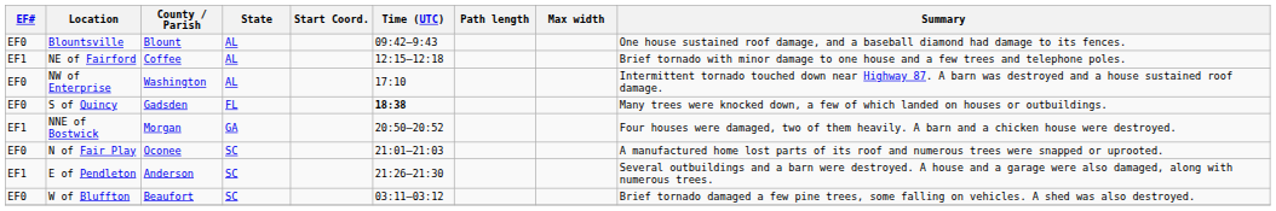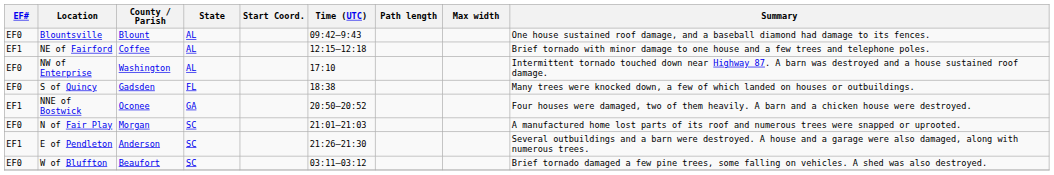 <table class="wikitable sortable" style="width:100%;">
 <tr>
 <th scope="col" width="3%" align="center"><a href='#'>EF#</a></th>
 <th scope="col" width="7%" align="center" class="unsortable">Location</th>
 <th scope="col" width="6%" align="center" class="unsortable">County / Parish</th>
 <th scope="col" width="5%" align="center">State</th>
 <th scope="col" width="6%" align="center">Start Coord.</th>
 <th scope="col" width="6%" align="center">Time (<a href='#'>UTC</a>)</th>
 <th scope="col" width="6%" align="center">Path length</th>
 <th scope="col" width="6%" align="center">Max width</th>
 <th scope="col" width="48%" class="unsortable" align="center">Summary</th>
 </tr>
 <tr>
 <td>EF0</td>
 <td><a href='#'>Blountsville</a></td>
 <td><a href='#'>Blount</a></td>
 <td><a href='#'>AL</a></td>
 <td></td>
 <td>09:42–9:43</td>
 <td></td>
 <td></td>
 <td>One house sustained roof damage, and a baseball diamond had damage to its fences.</td>
 </tr>
 <tr>
 <td>EF1</td>
 <td>NE of <a href='#'>Fairford</a></td>
 <td><a href='#'>Coffee</a></td>
 <td><a href='#'>AL</a></td>
 <td></td>
 <td>12:15–12:18</td>
 <td></td>
 <td></td>
 <td>Brief tornado with minor damage to one house and a few trees and telephone poles.</td>
 </tr>
 <tr>
 <td>EF0</td>
 <td>NW of <a href='#'>Enterprise</a></td>
 <td><a href='#'>Washington</a></td>
 <td><a href='#'>AL</a></td>
 <td></td>
 <td>17:10</td>
 <td></td>
 <td></td>
 <td>Intermittent tornado touched down near <a href='#'>Highway 87</a>. A barn was destroyed and a house sustained roof damage.</td>
 </tr>
 <tr>
 <td>EF0</td>
 <td>S of <a href='#'>Quincy</a></td>
 <td><a href='#'>Gadsden</a></td>
 <td><a href='#'>FL</a></td>
 <td></td>
-<td><strong>18:38</strong></td>
+<td>18:38</td>
 <td></td>
 <td></td>
 <td>Many trees were knocked down, a few of which landed on houses or outbuildings.</td>
 </tr>
 <tr>
 <td>EF1</td>
 <td>NNE of <a href='#'>Bostwick</a></td>
-<td><a href='#'>Morgan</a></td>
+<td><a href='#'>Oconee</a></td>
 <td><a href='#'>GA</a></td>
 <td></td>
 <td>20:50–20:52</td>
 <td></td>
 <td></td>
 <td>Four houses were damaged, two of them heavily. A barn and a chicken house were destroyed.</td>
 </tr>
 <tr>
 <td>EF0</td>
 <td>N of <a href='#'>Fair Play</a></td>
-<td><a href='#'>Oconee</a></td>
+<td><a href='#'>Morgan</a></td>
 <td><a href='#'>SC</a></td>
 <td></td>
 <td>21:01–21:03</td>
 <td></td>
 <td></td>
 <td>A manufactured home lost parts of its roof and numerous trees were snapped or uprooted.</td>
 </tr>
 <tr>
 <td>EF1</td>
 <td>E of <a href='#'>Pendleton</a></td>
 <td><a href='#'>Anderson</a></td>
 <td><a href='#'>SC</a></td>
 <td></td>
 <td>21:26–21:30</td>
 <td></td>
 <td></td>
 <td>Several outbuildings and a barn were destroyed. A house and a garage were also damaged, along with numerous trees.</td>
 </tr>
 <tr>
 <td>EF0</td>
 <td>W of <a href='#'>Bluffton</a></td>
 <td><a href='#'>Beaufort</a></td>
 <td><a href='#'>SC</a></td>
 <td></td>
 <td>03:11–03:12</td>
 <td></td>
 <td></td>
 <td>Brief tornado damaged a few pine trees, some falling on vehicles. A shed was also destroyed.</td>
 </tr>
 <tr>
 </tr>
 </table>
